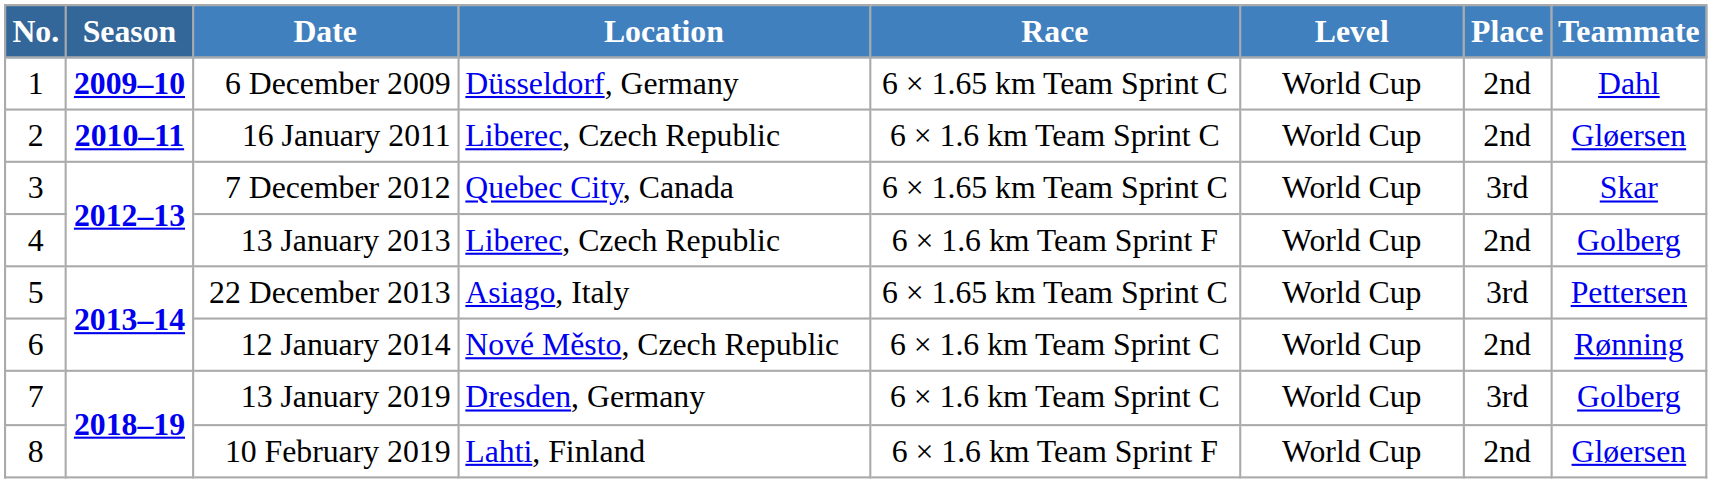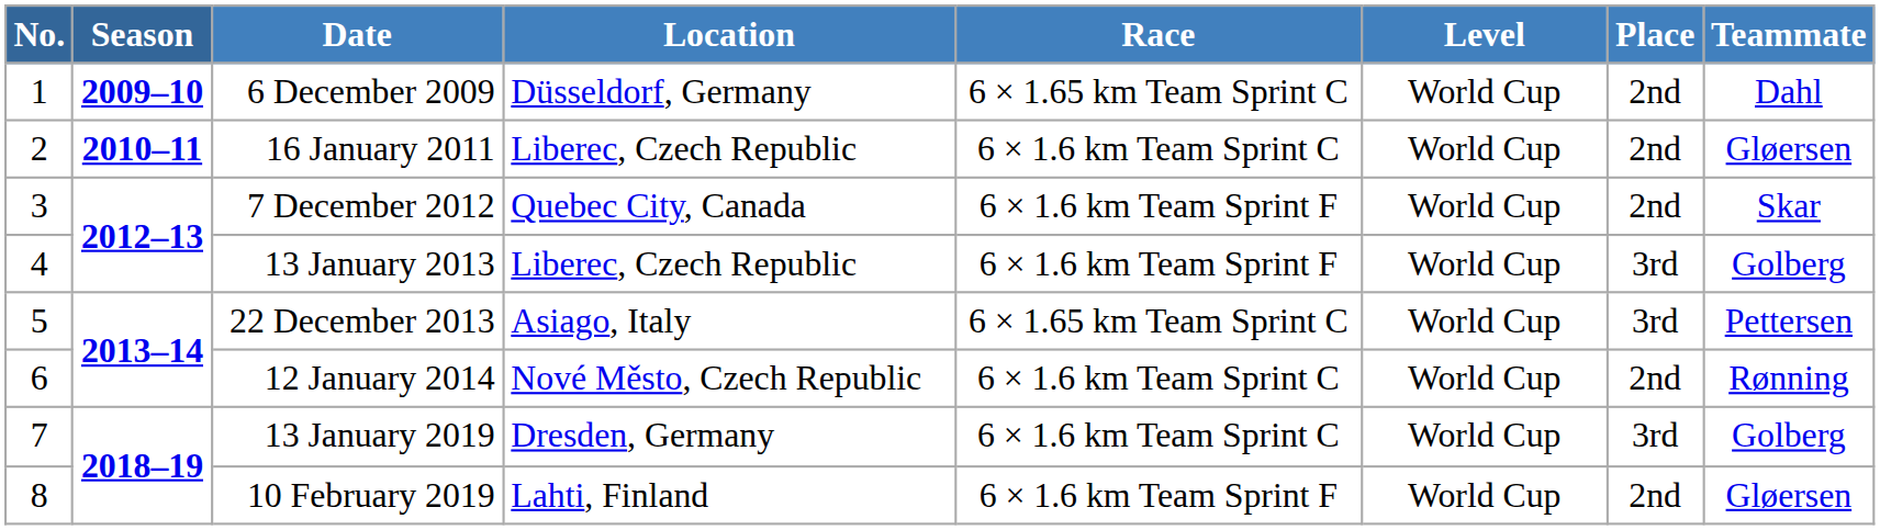 <table class="wikitable sortable" style="font-size:95%; text-align:center; border:grey solid 1px; border-collapse:collapse; background:#ffffff;">
 <tr style="background:#efefef;">
 <th style="background-color:#369; color:white;">No.</th>
 <th style="background-color:#369; color:white;">Season</th>
 <th style="background-color:#4180be; color:white; width:120px;">Date</th>
 <th style="background-color:#4180be; color:white; width:190px;">Location</th>
 <th style="background-color:#4180be; color:white; width:170px;">Race</th>
 <th style="background-color:#4180be; color:white; width:100px;">Level</th>
 <th style="background-color:#4180be; color:white;">Place</th>
 <th style="background-color:#4180be; color:white;">Teammate</th>
 </tr>
 <tr>
 <td align=center>1</td>
 <td rowspan=1 align=center><strong><a href='#'>2009–10</a></strong></td>
 <td align=right>6 December 2009</td>
 <td align=left> <a href='#'>Düsseldorf</a>, Germany</td>
 <td>6 × 1.65 km Team Sprint C</td>
 <td>World Cup</td>
 <td>2nd</td>
 <td><a href='#'>Dahl</a></td>
 </tr>
 <tr>
 <td align=center>2</td>
 <td rowspan=1 align=center><strong><a href='#'>2010–11</a></strong></td>
 <td align=right>16 January 2011</td>
 <td align=left> <a href='#'>Liberec</a>, Czech Republic</td>
 <td>6 × 1.6 km Team Sprint C</td>
 <td>World Cup</td>
 <td>2nd</td>
 <td><a href='#'>Gløersen</a></td>
 </tr>
 <tr>
 <td align=center>3</td>
 <td rowspan=2 align=center><strong><a href='#'>2012–13</a></strong></td>
 <td align=right>7 December 2012</td>
 <td align=left> <a href='#'>Quebec City</a>, Canada</td>
-<td>6 × 1.65 km Team Sprint C</td>
+<td>6 × 1.6 km Team Sprint F</td>
 <td>World Cup</td>
-<td>3rd</td>
+<td>2nd</td>
 <td><a href='#'>Skar</a></td>
 </tr>
 <tr>
 <td align=center>4</td>
 <td align=right>13 January 2013</td>
 <td align=left> <a href='#'>Liberec</a>, Czech Republic</td>
 <td>6 × 1.6 km Team Sprint F</td>
 <td>World Cup</td>
-<td>2nd</td>
+<td>3rd</td>
 <td><a href='#'>Golberg</a></td>
 </tr>
 <tr>
 <td align=center>5</td>
 <td rowspan=2 align=center><strong><a href='#'>2013–14</a></strong></td>
 <td align=right>22 December 2013</td>
 <td align=left> <a href='#'>Asiago</a>, Italy</td>
 <td>6 × 1.65 km Team Sprint C</td>
 <td>World Cup</td>
 <td>3rd</td>
 <td><a href='#'>Pettersen</a></td>
 </tr>
 <tr>
 <td align=center>6</td>
 <td align=right>12 January 2014</td>
 <td align=left> <a href='#'>Nové Město</a>, Czech Republic</td>
 <td>6 × 1.6 km Team Sprint C</td>
 <td>World Cup</td>
 <td>2nd</td>
 <td><a href='#'>Rønning</a></td>
 </tr>
 <tr>
 <td align=center>7</td>
 <td rowspan=2 align=center><strong><a href='#'>2018–19</a></strong></td>
 <td align=right>13 January 2019</td>
 <td align=left> <a href='#'>Dresden</a>, Germany</td>
 <td>6 × 1.6 km Team Sprint C</td>
 <td>World Cup</td>
 <td>3rd</td>
 <td><a href='#'>Golberg</a></td>
 </tr>
 <tr>
 <td align=center>8</td>
 <td align=right>10 February 2019</td>
 <td align=left> <a href='#'>Lahti</a>, Finland</td>
 <td>6 × 1.6 km Team Sprint F</td>
 <td>World Cup</td>
 <td>2nd</td>
 <td><a href='#'>Gløersen</a></td>
 </tr>
 </table>
